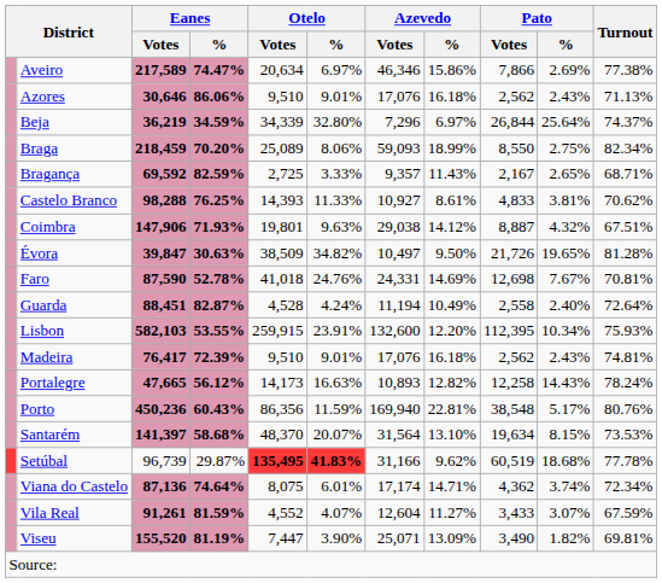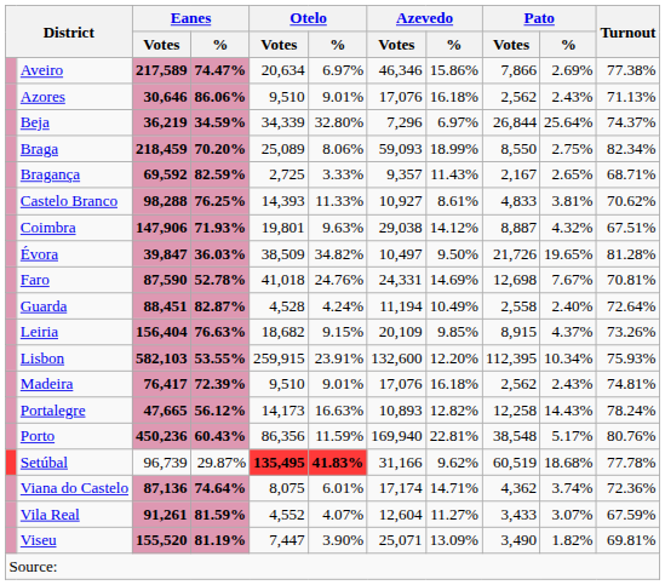 <table class="wikitable sortable" style="text-align:right; font-size:95%">
 <tr>
 <th colspan="2" rowspan="2">District</th>
 <th colspan="2"><a href='#'>Eanes</a></th>
 <th colspan="2"><a href='#'>Otelo</a></th>
 <th colspan="2"><a href='#'>Azevedo</a></th>
 <th colspan="2"><a href='#'>Pato</a></th>
 <th rowspan="2">Turnout</th>
 </tr>
 <tr>
 <th>Votes</th>
 <th>%</th>
 <th>Votes</th>
 <th>%</th>
 <th>Votes</th>
 <th>%</th>
 <th>Votes</th>
 <th>%</th>
 </tr>
 <tr>
 <td style="background:#DE98B2;"> </td>
 <td style="text-align:left;"><a href='#'>Aveiro</a></td>
 <td style="background:#DE98B2; color:#000;"><strong>217,589</strong></td>
 <td style="background:#DE98B2; color:#000;"><strong>74.47%</strong></td>
 <td>20,634</td>
 <td>6.97%</td>
 <td>46,346</td>
 <td>15.86%</td>
 <td>7,866</td>
 <td>2.69%</td>
 <td>77.38%</td>
 </tr>
 <tr>
 <td style="background:#DE98B2"> </td>
 <td style="text-align:left;"><a href='#'>Azores</a></td>
 <td style="background:#DE98B2; color:#000;"><strong>30,646</strong></td>
 <td style="background:#DE98B2; color:#000;"><strong>86.06%</strong></td>
 <td>9,510</td>
 <td>9.01%</td>
 <td>17,076</td>
 <td>16.18%</td>
 <td>2,562</td>
 <td>2.43%</td>
 <td>71.13%</td>
 </tr>
 <tr>
 <td style="background:#DE98B2;"> </td>
 <td style="text-align:left;"><a href='#'>Beja</a></td>
 <td style="background:#DE98B2; color:#000;"><strong>36,219</strong></td>
 <td style="background:#DE98B2; color:#000;"><strong>34.59%</strong></td>
 <td>34,339</td>
 <td>32.80%</td>
 <td>7,296</td>
 <td>6.97%</td>
 <td>26,844</td>
 <td>25.64%</td>
 <td>74.37%</td>
 </tr>
 <tr>
 <td style="background:#DE98B2;"> </td>
 <td style="text-align:left;"><a href='#'>Braga</a></td>
 <td style="background:#DE98B2; color:#000;"><strong>218,459</strong></td>
 <td style="background:#DE98B2; color:#000;"><strong>70.20%</strong></td>
 <td>25,089</td>
 <td>8.06%</td>
 <td>59,093</td>
 <td>18.99%</td>
 <td>8,550</td>
 <td>2.75%</td>
 <td>82.34%</td>
 </tr>
 <tr>
 <td style="background:#DE98B2;"> </td>
 <td style="text-align:left;"><a href='#'>Bragança</a></td>
 <td style="background:#DE98B2; color:#000;"><strong>69,592</strong></td>
 <td style="background:#DE98B2; color:#000;"><strong>82.59%</strong></td>
 <td>2,725</td>
 <td>3.33%</td>
 <td>9,357</td>
 <td>11.43%</td>
 <td>2,167</td>
 <td>2.65%</td>
 <td>68.71%</td>
 </tr>
 <tr>
 <td style="background:#DE98B2;"> </td>
 <td style="text-align:left;"><a href='#'>Castelo Branco</a></td>
 <td style="background:#DE98B2; color:#000;"><strong>98,288</strong></td>
 <td style="background:#DE98B2; color:#000;"><strong>76.25%</strong></td>
 <td>14,393</td>
 <td>11.33%</td>
 <td>10,927</td>
 <td>8.61%</td>
 <td>4,833</td>
 <td>3.81%</td>
 <td>70.62%</td>
 </tr>
 <tr>
 <td style="background:#DE98B2;"> </td>
 <td style="text-align:left;"><a href='#'>Coimbra</a></td>
 <td style="background:#DE98B2; color:#000;"><strong>147,906</strong></td>
 <td style="background:#DE98B2; color:#000;"><strong>71.93%</strong></td>
 <td>19,801</td>
 <td>9.63%</td>
 <td>29,038</td>
 <td>14.12%</td>
 <td>8,887</td>
 <td>4.32%</td>
 <td>67.51%</td>
 </tr>
 <tr>
 <td style="background:#DE98B2;"> </td>
 <td style="text-align:left;"><a href='#'>Évora</a></td>
 <td style="background:#DE98B2; color:#000;"><strong>39,847</strong></td>
-<td style="background:#DE98B2; color:#000;"><strong>30.63%</strong></td>
+<td style="background:#DE98B2; color:#000;"><strong>36.03%</strong></td>
 <td>38,509</td>
 <td>34.82%</td>
 <td>10,497</td>
 <td>9.50%</td>
 <td>21,726</td>
 <td>19.65%</td>
 <td>81.28%</td>
 </tr>
 <tr>
 <td style="background:#DE98B2;"> </td>
 <td style="text-align:left;"><a href='#'>Faro</a></td>
 <td style="background:#DE98B2; color:#000;"><strong>87,590</strong></td>
 <td style="background:#DE98B2; color:#000;"><strong>52.78%</strong></td>
 <td>41,018</td>
 <td>24.76%</td>
 <td>24,331</td>
 <td>14.69%</td>
 <td>12,698</td>
 <td>7.67%</td>
 <td>70.81%</td>
 </tr>
 <tr>
 <td style="background:#DE98B2;"> </td>
 <td style="text-align:left;"><a href='#'>Guarda</a></td>
 <td style="background:#DE98B2; color:#000;"><strong>88,451</strong></td>
 <td style="background:#DE98B2; color:#000;"><strong>82.87%</strong></td>
 <td>4,528</td>
 <td>4.24%</td>
 <td>11,194</td>
 <td>10.49%</td>
 <td>2,558</td>
 <td>2.40%</td>
 <td>72.64%</td>
+</tr>
+<tr>
+<td style="background:#DE98B2;"> </td>
+<td style="text-align:left;"><a href='#'>Leiria</a></td>
+<td style="background:#DE98B2; color:#000;"><strong>156,404</strong></td>
+<td style="background:#DE98B2; color:#000;"><strong>76.63%</strong></td>
+<td>18,682</td>
+<td>9.15%</td>
+<td>20,109</td>
+<td>9.85%</td>
+<td>8,915</td>
+<td>4.37%</td>
+<td>73.26%</td>
 </tr>
 <tr>
 <td style="background:#DE98B2;"> </td>
 <td style="text-align:left;"><a href='#'>Lisbon</a></td>
 <td style="background:#DE98B2; color:#000;"><strong>582,103</strong></td>
 <td style="background:#DE98B2; color:#000;"><strong>53.55%</strong></td>
 <td>259,915</td>
 <td>23.91%</td>
 <td>132,600</td>
 <td>12.20%</td>
 <td>112,395</td>
 <td>10.34%</td>
 <td>75.93%</td>
 </tr>
 <tr>
 <td style="background:#DE98B2;"> </td>
 <td style="text-align:left;"><a href='#'>Madeira</a></td>
 <td style="background:#DE98B2; color:#000;"><strong>76,417</strong></td>
 <td style="background:#DE98B2; color:#000;"><strong>72.39%</strong></td>
 <td>9,510</td>
 <td>9.01%</td>
 <td>17,076</td>
 <td>16.18%</td>
 <td>2,562</td>
 <td>2.43%</td>
 <td>74.81%</td>
 </tr>
 <tr>
 <td style="background:#DE98B2;"> </td>
 <td style="text-align:left;"><a href='#'>Portalegre</a></td>
 <td style="background:#DE98B2; color:#000;"><strong>47,665</strong></td>
 <td style="background:#DE98B2; color:#000;"><strong>56.12%</strong></td>
 <td>14,173</td>
 <td>16.63%</td>
 <td>10,893</td>
 <td>12.82%</td>
 <td>12,258</td>
 <td>14.43%</td>
 <td>78.24%</td>
 </tr>
 <tr>
 <td style="background:#DE98B2;"> </td>
 <td style="text-align:left;"><a href='#'>Porto</a></td>
 <td style="background:#DE98B2; color:#000;"><strong>450,236</strong></td>
 <td style="background:#DE98B2; color:#000;"><strong>60.43%</strong></td>
 <td>86,356</td>
 <td>11.59%</td>
 <td>169,940</td>
 <td>22.81%</td>
 <td>38,548</td>
 <td>5.17%</td>
 <td>80.76%</td>
 </tr>
 <tr>
-<td style="background:#DE98B2;"> </td>
-<td style="text-align:left;"><a href='#'>Santarém</a></td>
-<td style="background:#DE98B2; color:#000;"><strong>141,397</strong></td>
-<td style="background:#DE98B2; color:#000;"><strong>58.68%</strong></td>
-<td>48,370</td>
-<td>20.07%</td>
-<td>31,564</td>
-<td>13.10%</td>
-<td>19,634</td>
-<td>8.15%</td>
-<td>73.53%</td>
-</tr>
-<tr>
 <td style="background:#ff3939;"> </td>
 <td style="text-align:left;"><a href='#'>Setúbal</a></td>
 <td>96,739</td>
 <td>29.87%</td>
 <td style="background:#ff3939; color:#000;"><strong>135,495</strong></td>
 <td style="background:#ff3939; color:#000;"><strong>41.83%</strong></td>
 <td>31,166</td>
 <td>9.62%</td>
 <td>60,519</td>
 <td>18.68%</td>
 <td>77.78%</td>
 </tr>
 <tr>
 <td style="background:#DE98B2;"> </td>
 <td style="text-align:left;"><a href='#'>Viana do Castelo</a></td>
 <td style="background:#DE98B2; color:#000;"><strong>87,136</strong></td>
 <td style="background:#DE98B2; color:#000;"><strong>74.64%</strong></td>
 <td>8,075</td>
 <td>6.01%</td>
 <td>17,174</td>
 <td>14.71%</td>
 <td>4,362</td>
 <td>3.74%</td>
-<td>72.34%</td>
+<td>72.36%</td>
 </tr>
 <tr>
 <td style="background:#DE98B2;"> </td>
 <td style="text-align:left;"><a href='#'>Vila Real</a></td>
 <td style="background:#DE98B2; color:#000;"><strong>91,261</strong></td>
 <td style="background:#DE98B2; color:#000;"><strong>81.59%</strong></td>
 <td>4,552</td>
 <td>4.07%</td>
 <td>12,604</td>
 <td>11.27%</td>
 <td>3,433</td>
 <td>3.07%</td>
 <td>67.59%</td>
 </tr>
 <tr>
 <td style="background:#DE98B2;"> </td>
 <td style="text-align:left;"><a href='#'>Viseu</a></td>
 <td style="background:#DE98B2; color:#000;"><strong>155,520</strong></td>
 <td style="background:#DE98B2; color:#000;"><strong>81.19%</strong></td>
 <td>7,447</td>
 <td>3.90%</td>
 <td>25,071</td>
 <td>13.09%</td>
 <td>3,490</td>
 <td>1.82%</td>
 <td>69.81%</td>
 </tr>
 <tr class="sortbottom">
 <td colspan="11" style="text-align:left;">Source: </td>
 </tr>
 </table>
